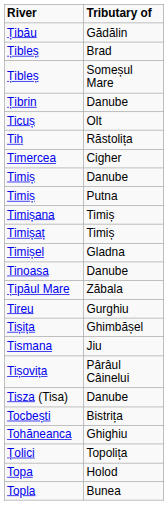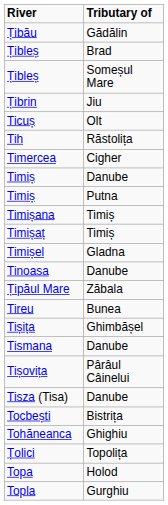 <table class="wikitable">
 <tr>
 <td width="100pt"><strong>River</strong></td>
 <td width="100pt"><strong>Tributary of</strong></td>
 </tr>
 <tr>
 <td><a href='#'>Țibău</a></td>
 <td>Gădălin</td>
 </tr>
 <tr>
 <td><a href='#'>Țibleș</a></td>
 <td>Brad</td>
 </tr>
 <tr>
 <td><a href='#'>Țibleș</a></td>
 <td>Someșul Mare</td>
 </tr>
 <tr>
 <td><a href='#'>Țibrin</a></td>
-<td>Danube</td>
+<td>Jiu</td>
 </tr>
 <tr>
 <td><a href='#'>Ticuș</a></td>
 <td>Olt</td>
 </tr>
 <tr>
 <td><a href='#'>Tih</a></td>
 <td>Răstolița</td>
 </tr>
 <tr>
 <td><a href='#'>Timercea</a></td>
 <td>Cigher</td>
 </tr>
 <tr>
 <td><a href='#'>Timiș</a></td>
 <td>Danube</td>
 </tr>
 <tr>
 <td><a href='#'>Timiș</a></td>
 <td>Putna</td>
 </tr>
 <tr>
 <td><a href='#'>Timișana</a></td>
 <td>Timiș</td>
 </tr>
 <tr>
 <td><a href='#'>Timișaț</a></td>
 <td>Timiș</td>
 </tr>
 <tr>
 <td><a href='#'>Timișel</a></td>
 <td>Gladna</td>
 </tr>
 <tr>
 <td><a href='#'>Tinoasa</a></td>
 <td>Danube</td>
 </tr>
 <tr>
 <td><a href='#'>Țipăul Mare</a></td>
 <td>Zăbala</td>
 </tr>
 <tr>
 <td><a href='#'>Tireu</a></td>
-<td>Gurghiu</td>
+<td>Bunea</td>
 </tr>
 <tr>
 <td><a href='#'>Tișița</a></td>
 <td>Ghimbășel</td>
 </tr>
 <tr>
 <td><a href='#'>Tismana</a></td>
-<td>Jiu</td>
+<td>Danube</td>
 </tr>
 <tr>
 <td><a href='#'>Tișovița</a></td>
 <td>Pârâul Câinelui</td>
 </tr>
 <tr>
 <td><a href='#'>Tisza</a> (Tisa)</td>
 <td>Danube</td>
 </tr>
 <tr>
 <td><a href='#'>Tocbești</a></td>
 <td>Bistrița</td>
 </tr>
 <tr>
 <td><a href='#'>Tohăneanca</a></td>
 <td>Ghighiu</td>
 </tr>
 <tr>
 <td><a href='#'>Țolici</a></td>
 <td>Topolița</td>
 </tr>
 <tr>
 <td><a href='#'>Topa</a></td>
 <td>Holod</td>
 </tr>
 <tr>
 <td><a href='#'>Topla</a></td>
-<td>Bunea</td>
+<td>Gurghiu</td>
 </tr>
 </table>
